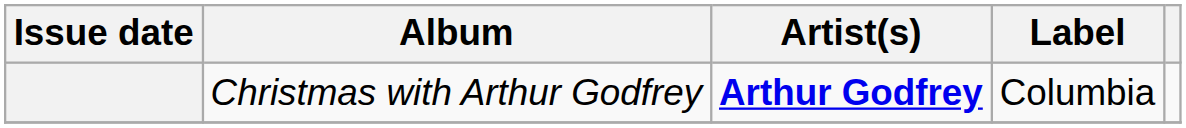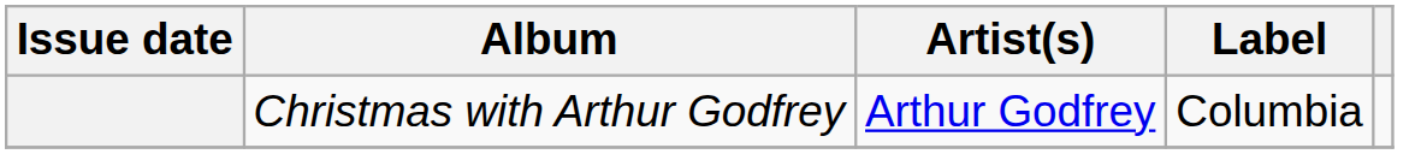 <table class="wikitable sortable plainrowheaders" style="text-align: center">
 <tr>
 <th scope=col>Issue date</th>
 <th scope=col>Album</th>
 <th scope=col>Artist(s)</th>
 <th scope=col>Label</th>
 <th scope=col class="unsortable"></th>
 </tr>
 <tr>
 <th scope="row"></th>
 <td><em>Christmas with Arthur Godfrey</em></td>
-<td><strong><a href='#'>Arthur Godfrey</a></strong></td>
+<td><a href='#'>Arthur Godfrey</a></td>
 <td>Columbia</td>
 <td style="text-align: center;"></td>
 </tr>
 <tr>
 </tr>
 </table>
